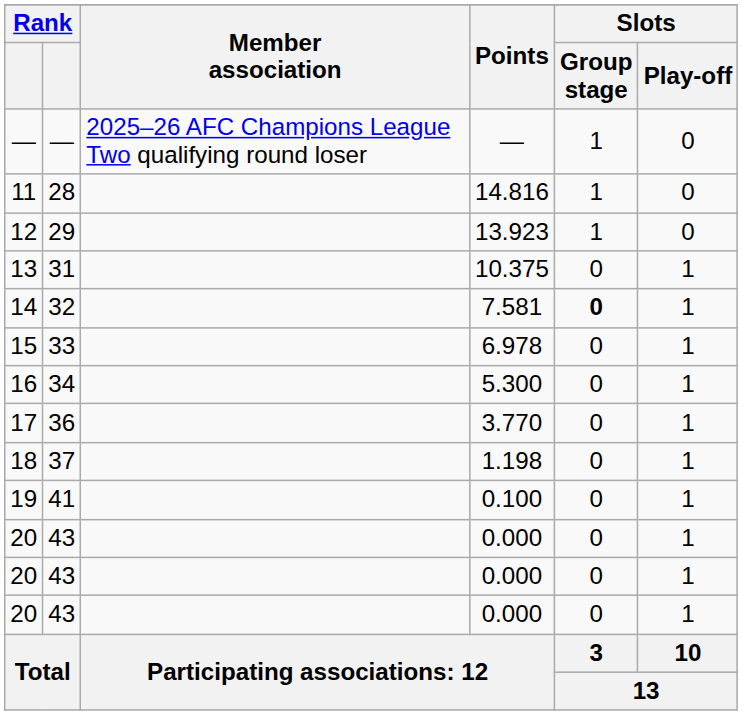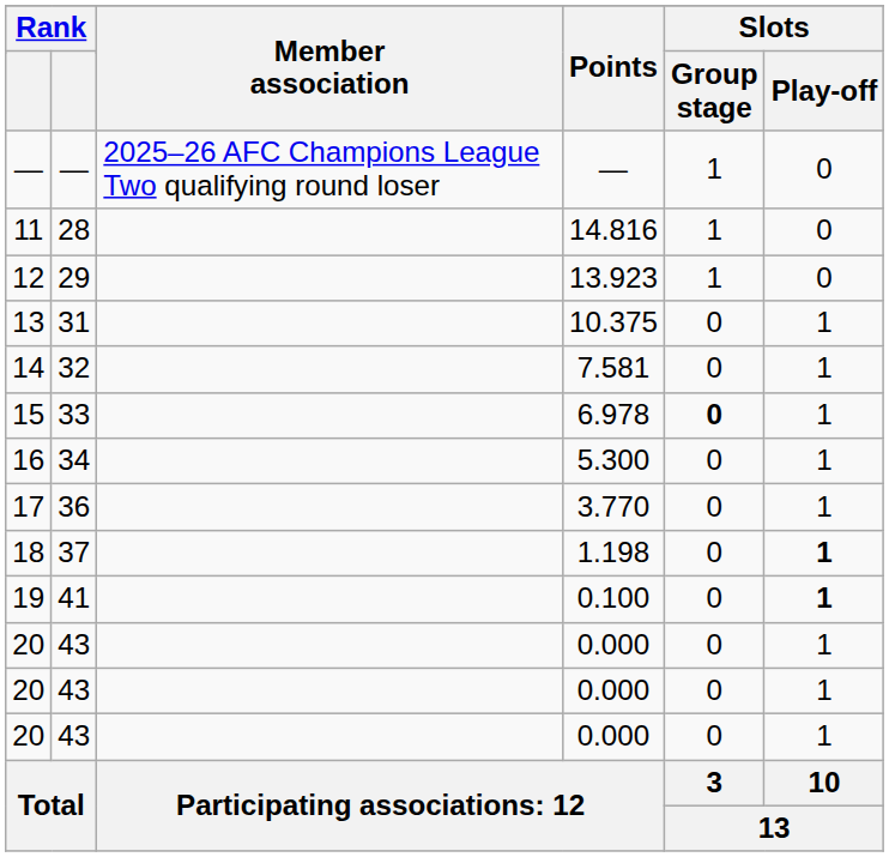 <table class="wikitable" style="text-align:center">
 <tr>
 </tr>
 <tr>
 <th colspan=2 rowspan=2><a href='#'>Rank</a></th>
 <th rowspan=3 width=250>Member<br>association</th>
 <th rowspan=3>Points</th>
 <th colspan=2>Slots</th>
 </tr>
 <tr>
 <th rowspan=2>Group<br>stage</th>
 <th rowspan=2>Play-off</th>
 </tr>
 <tr>
 <th></th>
 <th></th>
 </tr>
 <tr bgcolor=>
 <td>—</td>
 <td>—</td>
 <td align=left><a href='#'>2025–26 AFC Champions League Two</a> qualifying round loser</td>
 <td>—</td>
 <td>1</td>
 <td>0</td>
 </tr>
 <tr bgcolor=>
 <td>11</td>
 <td>28</td>
 <td align=left></td>
 <td>14.816</td>
 <td>1</td>
 <td>0</td>
 </tr>
 <tr bgcolor=>
 <td>12</td>
 <td>29</td>
 <td align=left></td>
 <td>13.923</td>
 <td>1</td>
 <td>0</td>
 </tr>
 <tr bgcolor=>
 <td>13</td>
 <td>31</td>
 <td align=left></td>
 <td>10.375</td>
 <td>0</td>
 <td>1</td>
 </tr>
 <tr bgcolor=>
 <td>14</td>
 <td>32</td>
 <td align=left></td>
 <td>7.581</td>
-<td><strong>0</strong></td>
+<td>0</td>
 <td>1</td>
 </tr>
 <tr bgcolor=>
 <td>15</td>
 <td>33</td>
 <td align=left></td>
 <td>6.978</td>
-<td>0</td>
+<td><strong>0</strong></td>
 <td>1</td>
 </tr>
 <tr bgcolor=>
 <td>16</td>
 <td>34</td>
 <td align=left></td>
 <td>5.300</td>
 <td>0</td>
 <td>1</td>
 </tr>
 <tr bgcolor=>
 <td>17</td>
 <td>36</td>
 <td align=left></td>
 <td>3.770</td>
 <td>0</td>
 <td>1</td>
 </tr>
 <tr bgcolor=>
 <td>18</td>
 <td>37</td>
 <td align=left></td>
 <td>1.198</td>
 <td>0</td>
-<td>1</td>
+<td><strong>1</strong></td>
 </tr>
 <tr bgcolor=>
 <td>19</td>
 <td>41</td>
 <td align=left></td>
 <td>0.100</td>
 <td>0</td>
-<td>1</td>
+<td><strong>1</strong></td>
 </tr>
 <tr bgcolor=>
 <td>20</td>
 <td>43</td>
 <td align=left></td>
 <td>0.000</td>
 <td>0</td>
 <td>1</td>
 </tr>
 <tr bgcolor=>
 <td>20</td>
 <td>43</td>
 <td align=left></td>
 <td>0.000</td>
 <td>0</td>
 <td>1</td>
 </tr>
 <tr bgcolor=>
 <td>20</td>
 <td>43</td>
 <td align=left></td>
 <td>0.000</td>
 <td>0</td>
 <td>1</td>
 </tr>
 <tr>
 <th colspan=2 rowspan=2>Total</th>
 <th colspan=2 rowspan=2>Participating associations: 12</th>
 <th>3</th>
 <th>10</th>
 </tr>
 <tr>
 <th colspan=2>13</th>
 </tr>
 </table>
